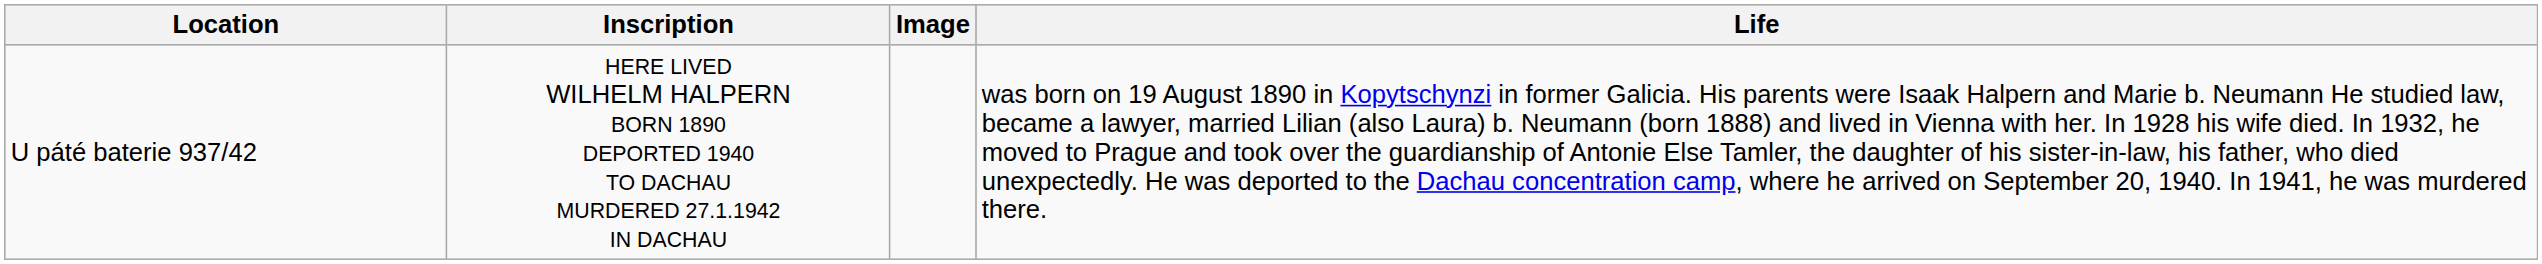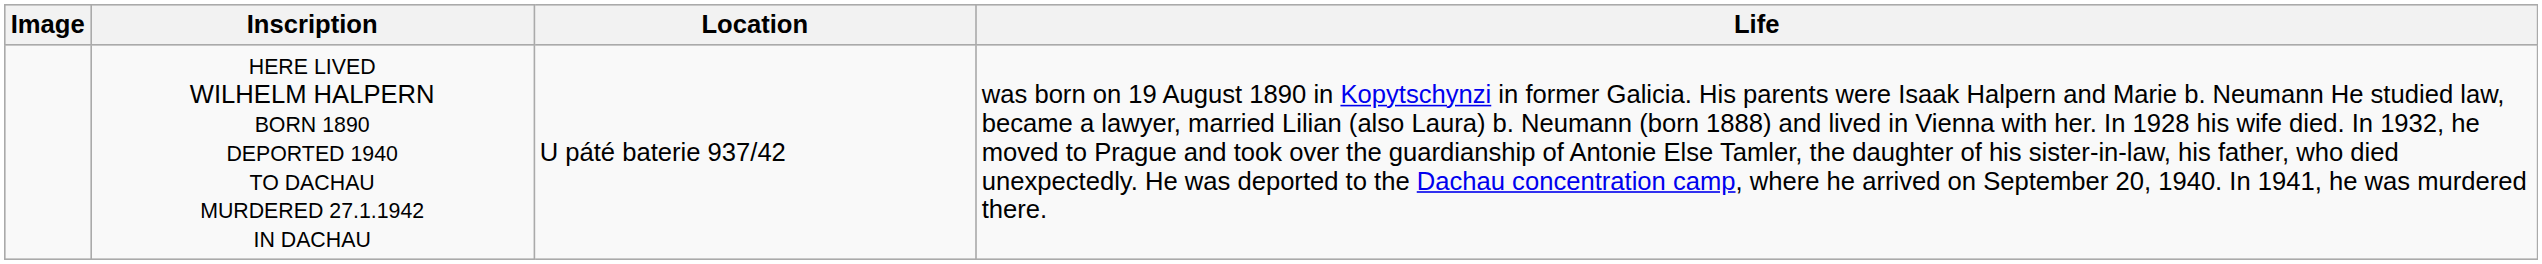 <table class="wikitable sortable toptextcells" style="width:100%">
 <tr>
+<th class="hintergrundfarbe6 unsortable" width="120px">Image</th>
+<th class="hintergrundfarbe6 unsortable" style ="width:18%;">Inscription</th>
 <th class="hintergrundfarbe6" data-sort-type="text" style ="width:18%;">Location</th>
-<th class="hintergrundfarbe6 unsortable" style ="width:18%;">Inscription</th>
-<th class="hintergrundfarbe6 unsortable" width="120px">Image</th>
 <th class="hintergrundfarbe6" data-sort-type="text" style="width:100%;">Life</th>
 </tr>
 <tr>
+<td></td>
+<td style="text-align:center"><div><small>HERE LIVED</small><br>WILHELM HALPERN<br><small>BORN 1890<br>DEPORTED 1940<br>TO DACHAU<br>MURDERED 27.1.1942<br>IN DACHAU</small></div></td>
 <td>U páté baterie 937/42<br></td>
-<td style="text-align:center"><div><small>HERE LIVED</small><br>WILHELM HALPERN<br><small>BORN 1890<br>DEPORTED 1940<br>TO DACHAU<br>MURDERED 27.1.1942<br>IN DACHAU</small></div></td>
-<td></td>
 <td><strong></strong> was born on 19 August 1890 in <a href='#'>Kopytschynzi</a> in former Galicia. His parents were Isaak Halpern and Marie b. Neumann He studied law, became a lawyer, married Lilian (also Laura) b. Neumann (born 1888) and lived in Vienna with her. In 1928 his wife died. In 1932, he moved to Prague and took over the guardianship of Antonie Else Tamler, the daughter of his sister-in-law, his father, who died unexpectedly. He was deported to the <a href='#'>Dachau concentration camp</a>, where he arrived on September 20, 1940. In 1941, he was murdered there.</td>
 </tr>
 </table>
